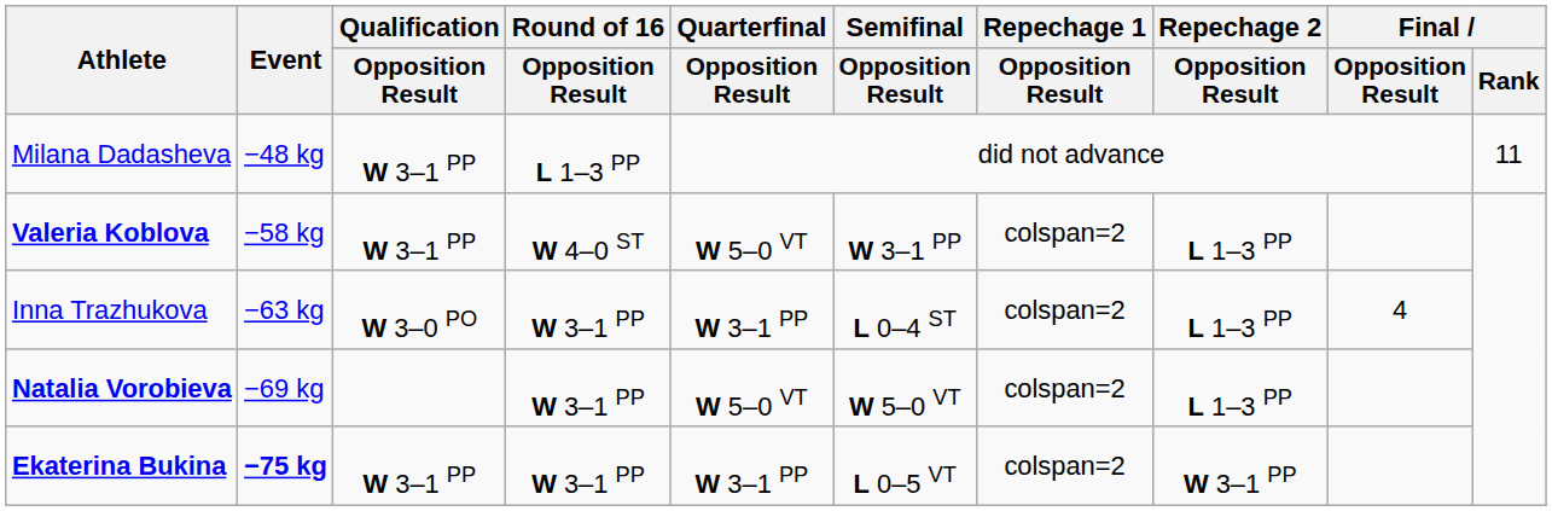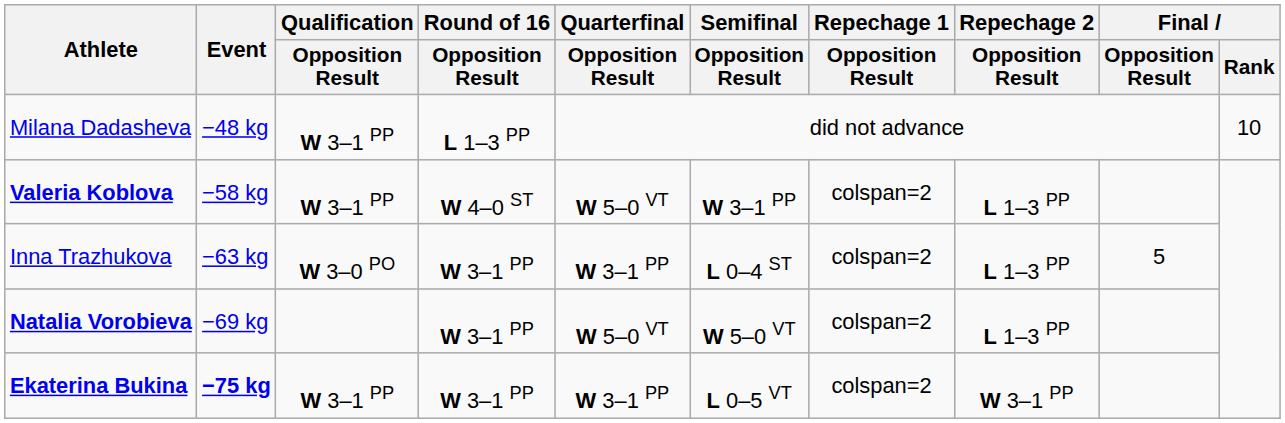 <table class="wikitable" style="font-size:90%">
 <tr>
 <th rowspan=2>Athlete</th>
 <th rowspan=2>Event</th>
 <th>Qualification</th>
 <th>Round of 16</th>
 <th>Quarterfinal</th>
 <th>Semifinal</th>
 <th>Repechage 1</th>
 <th>Repechage 2</th>
 <th colspan=4>Final / </th>
 </tr>
 <tr style="font-size: 95%">
 <th>Opposition<br>Result</th>
 <th>Opposition<br>Result</th>
 <th>Opposition<br>Result</th>
 <th>Opposition<br>Result</th>
 <th>Opposition<br>Result</th>
 <th>Opposition<br>Result</th>
 <th>Opposition<br>Result</th>
 <th>Rank</th>
 </tr>
 <tr align=center>
 <td align=left><a href='#'>Milana Dadasheva</a></td>
 <td align=left><a href='#'>−48 kg</a></td>
 <td><br> <strong>W</strong> 3–1 <sup>PP</sup></td>
 <td><br><strong>L</strong> 1–3 <sup>PP</sup></td>
 <td colspan=5>did not advance</td>
-<td>11</td>
+<td>10</td>
 </tr>
 <tr align=center>
 <td align=left><strong><a href='#'>Valeria Koblova</a></strong></td>
 <td align=left><a href='#'>−58 kg</a></td>
 <td><br> <strong>W</strong> 3–1 <sup>PP</sup></td>
 <td><br> <strong>W</strong> 4–0 <sup>ST</sup></td>
 <td><br><strong>W</strong> 5–0 <sup>VT</sup></td>
 <td><br><strong>W</strong> 3–1 <sup>PP</sup></td>
 <td>colspan=2 </td>
 <td><br><strong>L</strong> 1–3 <sup>PP</sup></td>
 <td></td>
 </tr>
 <tr align=center>
 <td align=left><a href='#'>Inna Trazhukova</a></td>
 <td align=left><a href='#'>−63 kg</a></td>
 <td><br><strong>W</strong> 3–0 <sup>PO</sup></td>
 <td><br> <strong>W</strong> 3–1 <sup>PP</sup></td>
 <td><br> <strong>W</strong> 3–1 <sup>PP</sup></td>
 <td><br><strong>L</strong> 0–4 <sup>ST</sup></td>
 <td>colspan=2 </td>
 <td><br> <strong>L</strong> 1–3 <sup>PP</sup></td>
-<td>4</td>
+<td>5</td>
 </tr>
 <tr align=center>
 <td align=left><strong><a href='#'>Natalia Vorobieva</a></strong></td>
 <td align=left><a href='#'>−69 kg</a></td>
 <td></td>
 <td><br> <strong>W</strong> 3–1 <sup>PP</sup></td>
 <td><br><strong>W</strong> 5–0 <sup>VT</sup></td>
 <td><br><strong>W</strong> 5–0 <sup>VT</sup></td>
 <td>colspan=2 </td>
 <td><br><strong>L</strong> 1–3 <sup>PP</sup></td>
 <td></td>
 </tr>
 <tr align=center>
 <td align=left><strong><a href='#'>Ekaterina Bukina</a></strong></td>
 <td align=left><strong><a href='#'>−75 kg</a></strong></td>
 <td><br> <strong>W</strong> 3–1 <sup>PP</sup></td>
 <td><br> <strong>W</strong> 3–1 <sup>PP</sup></td>
 <td><br> <strong>W</strong> 3–1 <sup>PP</sup></td>
 <td><br><strong>L</strong> 0–5 <sup>VT</sup></td>
 <td>colspan=2 </td>
 <td><br> <strong>W</strong> 3–1 <sup>PP</sup></td>
 <td></td>
 </tr>
 </table>
